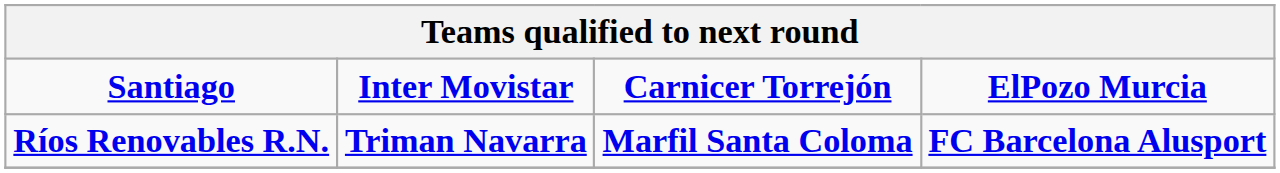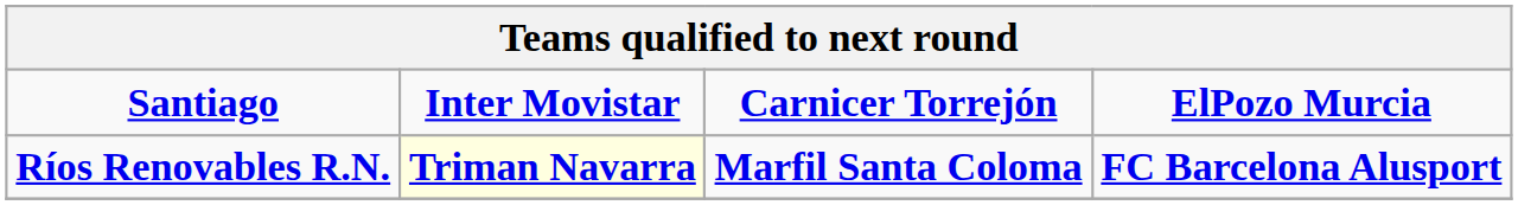 <table class="wikitable" style="text-align: center; margin: 0 auto;">
 <tr>
 <th colspan="4">Teams qualified to next round</th>
 </tr>
 <tr>
 <td><strong><a href='#'>Santiago</a></strong></td>
 <td><strong><a href='#'>Inter Movistar</a></strong></td>
 <td><strong><a href='#'>Carnicer Torrejón</a></strong></td>
 <td><strong><a href='#'>ElPozo Murcia</a></strong></td>
 </tr>
 <tr>
 <td><strong><a href='#'>Ríos Renovables R.N.</a></strong></td>
-<td><strong><a href='#'>Triman Navarra</a></strong></td>
+<td style="background: lightyellow;"><strong><a href='#'>Triman Navarra</a></strong></td>
 <td><strong><a href='#'>Marfil Santa Coloma</a></strong></td>
 <td><strong><a href='#'>FC Barcelona Alusport</a></strong></td>
 </tr>
 <tr>
 </tr>
 </table>
